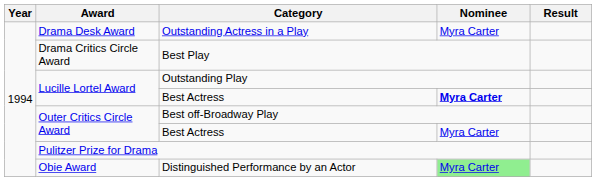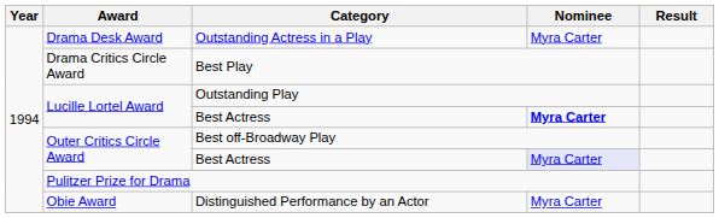 <table class="wikitable" style="width:95%;">
 <tr>
 <th style="width:5%;">Year</th>
 <th style="width:20%;">Award</th>
 <th style="width:45%;">Category</th>
 <th style="width:15%;">Nominee</th>
 <th style="width:10%;">Result</th>
 </tr>
 <tr>
 <td rowspan="8" align="center">1994</td>
 <td><a href='#'>Drama Desk Award</a></td>
 <td><a href='#'>Outstanding Actress in a Play</a></td>
 <td><a href='#'>Myra Carter</a></td>
 <td></td>
 </tr>
 <tr>
 <td>Drama Critics Circle Award</td>
 <td colspan="2">Best Play</td>
 <td></td>
 </tr>
 <tr>
 <td rowspan="2"><a href='#'>Lucille Lortel Award</a></td>
 <td colspan="2">Outstanding Play</td>
 <td></td>
 </tr>
 <tr>
 <td>Best Actress</td>
 <td><strong><a href='#'>Myra Carter</a></strong></td>
 <td></td>
 </tr>
 <tr>
 <td rowspan="2"><a href='#'>Outer Critics Circle Award</a></td>
 <td colspan="2">Best off-Broadway Play</td>
 <td></td>
 </tr>
 <tr>
 <td>Best Actress</td>
-<td><a href='#'>Myra Carter</a></td>
+<td style="background: lavender;"><a href='#'>Myra Carter</a></td>
 <td></td>
 </tr>
 <tr>
 <td colspan="3"><a href='#'>Pulitzer Prize for Drama</a></td>
 <td></td>
 </tr>
 <tr>
 <td><a href='#'>Obie Award</a></td>
 <td>Distinguished Performance by an Actor</td>
-<td style="background: lightgreen;"><a href='#'>Myra Carter</a></td>
+<td><a href='#'>Myra Carter</a></td>
 <td></td>
 </tr>
 </table>
